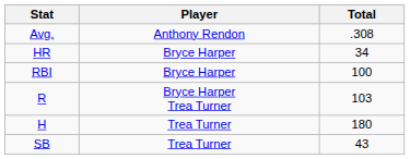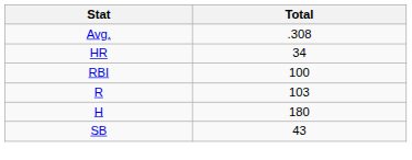 <table class="wikitable" style="width:33%;">
 <tr style="text-align:center; background:#ddd;">
 <th>Stat</th>
-<th>Player</th>
 <th>Total</th>
 </tr>
 <tr align=center>
 <td><a href='#'>Avg.</a></td>
-<td><a href='#'>Anthony Rendon</a></td>
 <td>.308</td>
 </tr>
 <tr align=center>
 <td><a href='#'>HR</a></td>
-<td><a href='#'>Bryce Harper</a></td>
 <td>34</td>
 </tr>
 <tr align=center>
 <td><a href='#'>RBI</a></td>
-<td><a href='#'>Bryce Harper</a></td>
 <td>100</td>
 </tr>
 <tr align=center>
 <td><a href='#'>R</a></td>
-<td><a href='#'>Bryce Harper</a><br><a href='#'>Trea Turner</a></td>
 <td>103</td>
 </tr>
 <tr align=center>
 <td><a href='#'>H</a></td>
-<td><a href='#'>Trea Turner</a></td>
 <td>180</td>
 </tr>
 <tr align=center>
 <td><a href='#'>SB</a></td>
-<td><a href='#'>Trea Turner</a></td>
 <td>43</td>
 </tr>
 </table>
